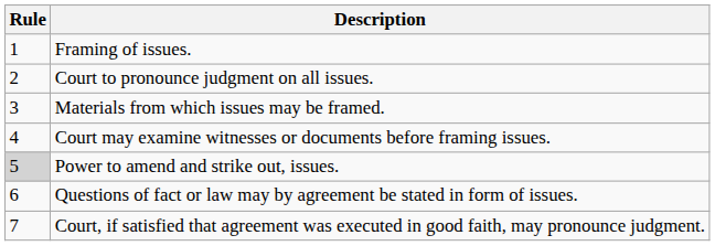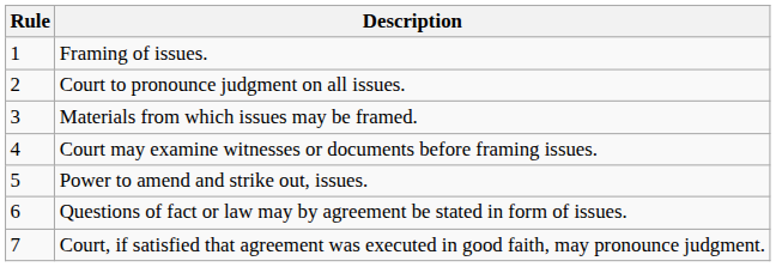 <table class="wikitable">
 <tr>
 <th>Rule</th>
 <th>Description</th>
 </tr>
 <tr>
 <td>1</td>
 <td>Framing of issues.</td>
 </tr>
 <tr>
 <td>2</td>
 <td>Court to pronounce judgment on all issues.</td>
 </tr>
 <tr>
 <td>3</td>
 <td>Materials from which issues may be framed.</td>
 </tr>
 <tr>
 <td>4</td>
 <td>Court may examine witnesses or documents before framing issues.</td>
 </tr>
 <tr>
-<td style="background: lightgrey;">5</td>
+<td>5</td>
 <td>Power to amend and strike out, issues.</td>
 </tr>
 <tr>
 <td>6</td>
 <td>Questions of fact or law may by agreement be stated in form of issues.</td>
 </tr>
 <tr>
 <td>7</td>
 <td>Court, if satisfied that agreement was executed in good faith, may pronounce judgment.</td>
 </tr>
 </table>
